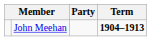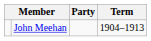 <table class="wikitable">
 <tr>
 <th colspan="2">Member</th>
 <th>Party</th>
 <th>Term</th>
 </tr>
 <tr>
 <td> </td>
 <td><a href='#'>John Meehan</a></td>
 <td></td>
-<td><strong>1904–1913</strong></td>
+<td>1904–1913</td>
 </tr>
 </table>
